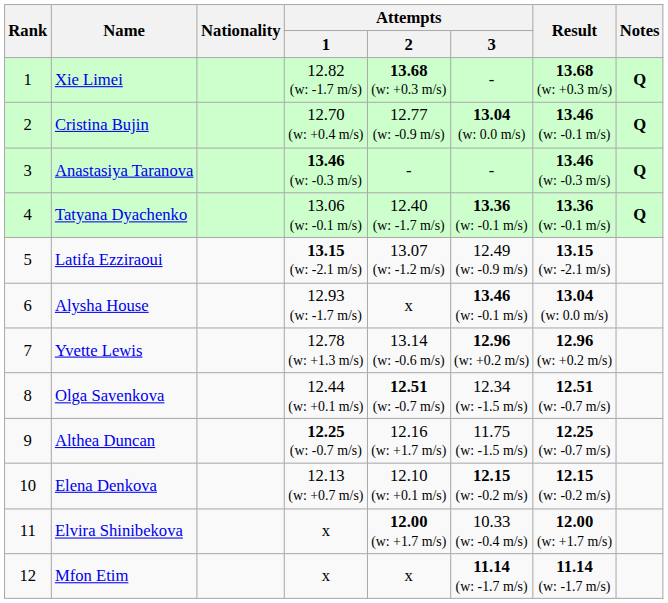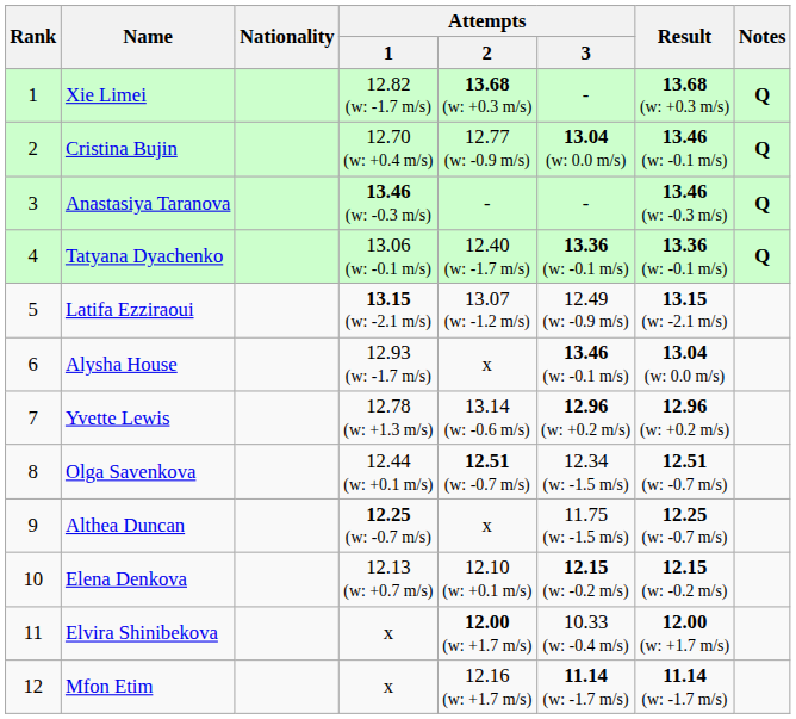 <table class="wikitable sortable" style="text-align:center">
 <tr>
 <th rowspan=2>Rank</th>
 <th rowspan=2>Name</th>
 <th rowspan=2>Nationality</th>
 <th colspan=3>Attempts</th>
 <th rowspan=2>Result</th>
 <th rowspan=2>Notes</th>
 </tr>
 <tr>
 <th>1</th>
 <th>2</th>
 <th>3</th>
 </tr>
 <tr bgcolor=ccffcc>
 <td>1</td>
 <td align=left><a href='#'>Xie Limei</a></td>
 <td align=left></td>
 <td>12.82<br><small>(w: -1.7 m/s)</small></td>
 <td><strong>13.68</strong><br><small>(w: +0.3 m/s)</small></td>
 <td>-</td>
 <td><strong>13.68</strong> <br><small>(w: +0.3 m/s)</small></td>
 <td><strong>Q</strong></td>
 </tr>
 <tr bgcolor=ccffcc>
 <td>2</td>
 <td align=left><a href='#'>Cristina Bujin</a></td>
 <td align=left></td>
 <td>12.70<br><small>(w: +0.4 m/s)</small></td>
 <td>12.77<br><small>(w: -0.9 m/s)</small></td>
 <td><strong>13.04</strong><br><small>(w: 0.0 m/s)</small></td>
 <td><strong>13.46</strong> <br><small>(w: -0.1 m/s)</small></td>
 <td><strong>Q</strong></td>
 </tr>
 <tr bgcolor=ccffcc>
 <td>3</td>
 <td align=left><a href='#'>Anastasiya Taranova</a></td>
 <td align=left></td>
 <td><strong>13.46</strong><br><small>(w: -0.3 m/s)</small></td>
 <td>-</td>
 <td>-</td>
 <td><strong>13.46</strong> <br><small>(w: -0.3 m/s)</small></td>
 <td><strong>Q</strong></td>
 </tr>
 <tr bgcolor=ccffcc>
 <td>4</td>
 <td align=left><a href='#'>Tatyana Dyachenko</a></td>
 <td align=left></td>
 <td>13.06<br><small>(w: -0.1 m/s)</small></td>
 <td>12.40<br><small>(w: -1.7 m/s)</small></td>
 <td><strong>13.36</strong><br><small>(w: -0.1 m/s)</small></td>
 <td><strong>13.36</strong> <br><small>(w: -0.1 m/s)</small></td>
 <td><strong>Q</strong></td>
 </tr>
 <tr>
 <td>5</td>
 <td align=left><a href='#'>Latifa Ezziraoui</a></td>
 <td align=left></td>
 <td><strong>13.15</strong><br><small>(w: -2.1 m/s)</small></td>
 <td>13.07<br><small>(w: -1.2 m/s)</small></td>
 <td>12.49<br><small>(w: -0.9 m/s)</small></td>
 <td><strong>13.15</strong> <br><small>(w: -2.1 m/s)</small></td>
 <td></td>
 </tr>
 <tr>
 <td>6</td>
 <td align=left><a href='#'>Alysha House</a></td>
 <td align=left></td>
 <td>12.93<br><small>(w: -1.7 m/s)</small></td>
 <td>x</td>
 <td><strong>13.46</strong><br><small>(w: -0.1 m/s)</small></td>
 <td><strong>13.04</strong> <br><small>(w: 0.0 m/s)</small></td>
 <td></td>
 </tr>
 <tr>
 <td>7</td>
 <td align=left><a href='#'>Yvette Lewis</a></td>
 <td align=left></td>
 <td>12.78<br><small>(w: +1.3 m/s)</small></td>
 <td>13.14<br><small>(w: -0.6 m/s)</small></td>
 <td><strong>12.96</strong><br><small>(w: +0.2 m/s)</small></td>
 <td><strong>12.96</strong> <br><small>(w: +0.2 m/s)</small></td>
 <td></td>
 </tr>
 <tr>
 <td>8</td>
 <td align=left><a href='#'>Olga Savenkova</a></td>
 <td align=left></td>
 <td>12.44<br><small>(w: +0.1 m/s)</small></td>
 <td><strong>12.51</strong><br><small>(w: -0.7 m/s)</small></td>
 <td>12.34<br><small>(w: -1.5 m/s)</small></td>
 <td><strong>12.51</strong> <br><small>(w: -0.7 m/s)</small></td>
 <td></td>
 </tr>
 <tr>
 <td>9</td>
 <td align=left><a href='#'>Althea Duncan</a></td>
 <td align=left></td>
 <td><strong>12.25</strong><br><small>(w: -0.7 m/s)</small></td>
-<td>12.16<br><small>(w: +1.7 m/s)</small></td>
+<td>x</td>
 <td>11.75<br><small>(w: -1.5 m/s)</small></td>
 <td><strong>12.25</strong> <br><small>(w: -0.7 m/s)</small></td>
 <td></td>
 </tr>
 <tr>
 <td>10</td>
 <td align=left><a href='#'>Elena Denkova</a></td>
 <td align=left></td>
 <td>12.13<br><small>(w: +0.7 m/s)</small></td>
 <td>12.10<br><small>(w: +0.1 m/s)</small></td>
 <td><strong>12.15</strong><br><small>(w: -0.2 m/s)</small></td>
 <td><strong>12.15</strong> <br><small>(w: -0.2 m/s)</small></td>
 <td></td>
 </tr>
 <tr>
 <td>11</td>
 <td align=left><a href='#'>Elvira Shinibekova</a></td>
 <td align=left></td>
 <td>x</td>
 <td><strong>12.00</strong><br><small>(w: +1.7 m/s)</small></td>
 <td>10.33<br><small>(w: -0.4 m/s)</small></td>
 <td><strong>12.00</strong> <br><small>(w: +1.7 m/s)</small></td>
 <td></td>
 </tr>
 <tr>
 <td>12</td>
 <td align=left><a href='#'>Mfon Etim</a></td>
 <td align=left></td>
 <td>x</td>
-<td>x</td>
+<td>12.16<br><small>(w: +1.7 m/s)</small></td>
 <td><strong>11.14</strong><br><small>(w: -1.7 m/s)</small></td>
 <td><strong>11.14</strong> <br><small>(w: -1.7 m/s)</small></td>
 <td></td>
 </tr>
 </table>
